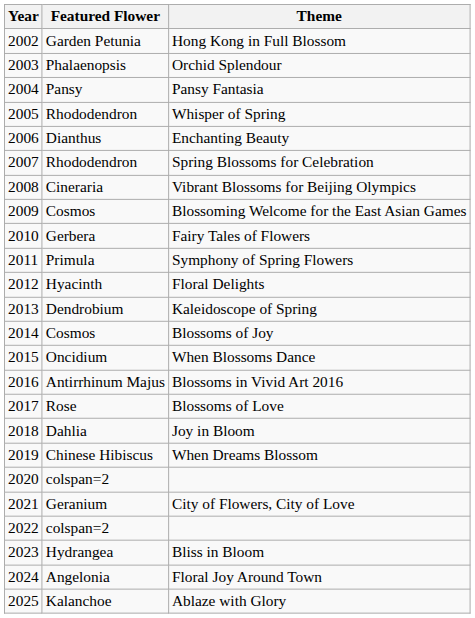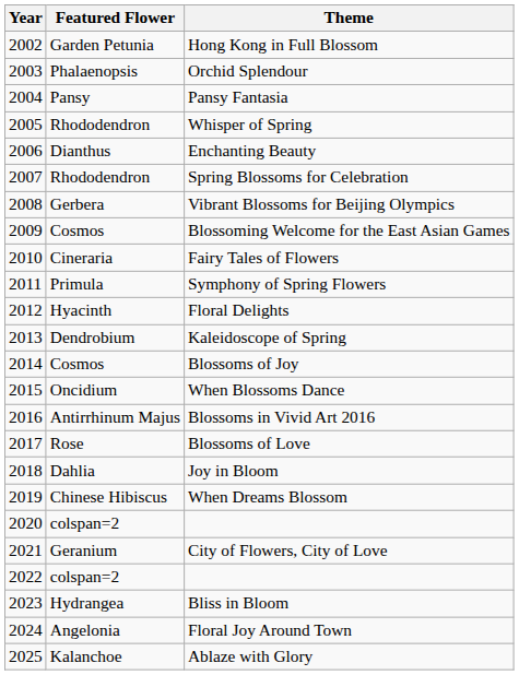 <table class="wikitable">
 <tr>
 <th>Year</th>
 <th>Featured Flower</th>
 <th>Theme</th>
 </tr>
 <tr>
 <td>2002</td>
 <td>Garden Petunia</td>
 <td>Hong Kong in Full Blossom</td>
 </tr>
 <tr>
 <td>2003</td>
 <td>Phalaenopsis</td>
 <td>Orchid Splendour</td>
 </tr>
 <tr>
 <td>2004</td>
 <td>Pansy</td>
 <td>Pansy Fantasia</td>
 </tr>
 <tr>
 <td>2005</td>
 <td>Rhododendron</td>
 <td>Whisper of Spring</td>
 </tr>
 <tr>
 <td>2006</td>
 <td>Dianthus</td>
 <td>Enchanting Beauty</td>
 </tr>
 <tr>
 <td>2007</td>
 <td>Rhododendron</td>
 <td>Spring Blossoms for Celebration</td>
 </tr>
 <tr>
 <td>2008</td>
-<td>Cineraria</td>
+<td>Gerbera</td>
 <td>Vibrant Blossoms for Beijing Olympics</td>
 </tr>
 <tr>
 <td>2009</td>
 <td>Cosmos</td>
 <td>Blossoming Welcome for the East Asian Games</td>
 </tr>
 <tr>
 <td>2010</td>
-<td>Gerbera</td>
+<td>Cineraria</td>
 <td>Fairy Tales of Flowers</td>
 </tr>
 <tr>
 <td>2011</td>
 <td>Primula</td>
 <td>Symphony of Spring Flowers</td>
 </tr>
 <tr>
 <td>2012</td>
 <td>Hyacinth</td>
 <td>Floral Delights</td>
 </tr>
 <tr>
 <td>2013</td>
 <td>Dendrobium</td>
 <td>Kaleidoscope of Spring</td>
 </tr>
 <tr>
 <td>2014</td>
 <td>Cosmos</td>
 <td>Blossoms of Joy</td>
 </tr>
 <tr>
 <td>2015</td>
 <td>Oncidium</td>
 <td>When Blossoms Dance</td>
 </tr>
 <tr>
 <td>2016</td>
 <td>Antirrhinum Majus</td>
 <td>Blossoms in Vivid Art 2016</td>
 </tr>
 <tr>
 <td>2017</td>
 <td>Rose</td>
 <td>Blossoms of Love</td>
 </tr>
 <tr>
 <td>2018</td>
 <td>Dahlia</td>
 <td>Joy in Bloom</td>
 </tr>
 <tr>
 <td>2019</td>
 <td>Chinese Hibiscus</td>
 <td>When Dreams Blossom</td>
 </tr>
 <tr>
 <td>2020</td>
 <td>colspan=2</td>
 </tr>
 <tr>
 <td>2021</td>
 <td>Geranium</td>
 <td>City of Flowers, City of Love</td>
 </tr>
 <tr>
 <td>2022</td>
 <td>colspan=2</td>
 </tr>
 <tr>
 <td>2023</td>
 <td>Hydrangea</td>
 <td>Bliss in Bloom</td>
 </tr>
 <tr>
 <td>2024</td>
 <td>Angelonia</td>
 <td>Floral Joy Around Town</td>
 </tr>
 <tr>
 <td>2025</td>
 <td>Kalanchoe</td>
 <td>Ablaze with Glory</td>
 </tr>
 </table>
